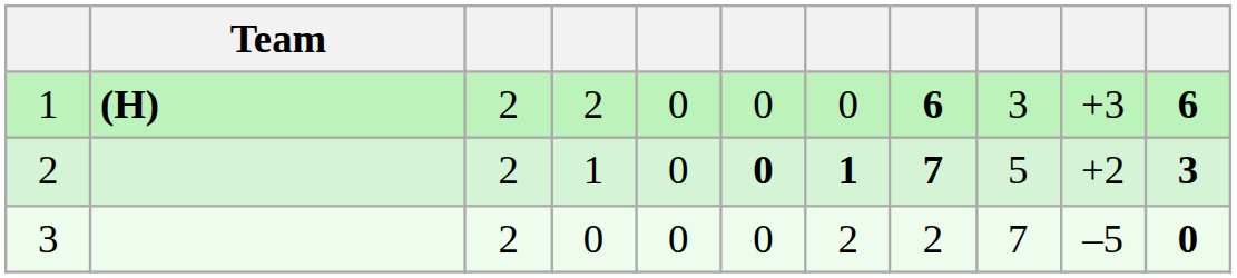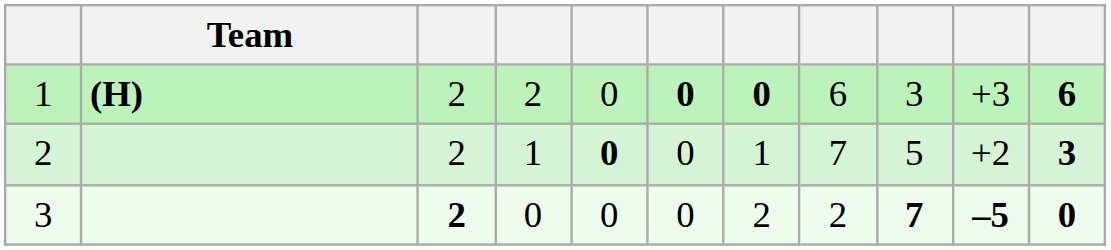 <table class="wikitable" style="text-align: center; font-size: 97%;">
 <tr>
 <th width="25"></th>
 <th width="135">Team</th>
 <th width="25"></th>
 <th width="25"></th>
 <th width="25"></th>
 <th width="25"></th>
 <th width="25"></th>
 <th width="25"></th>
 <th width="25"></th>
 <th width="25"></th>
 <th width="25"></th>
 </tr>
 <tr bgcolor=#bbf3bb>
 <td>1</td>
 <td align=left> <strong>(H)</strong></td>
 <td>2</td>
 <td>2</td>
 <td>0</td>
-<td>0</td>
-<td>0</td>
-<td><strong>6</strong></td>
+<td><strong>0</strong></td>
+<td><strong>0</strong></td>
+<td>6</td>
 <td>3</td>
 <td>+3</td>
 <td><strong>6</strong></td>
 </tr>
 <tr bgcolor=#d5f4d5>
 <td>2</td>
 <td align=left></td>
 <td>2</td>
 <td>1</td>
+<td><strong>0</strong></td>
 <td>0</td>
-<td><strong>0</strong></td>
-<td><strong>1</strong></td>
-<td><strong>7</strong></td>
+<td>1</td>
+<td>7</td>
 <td>5</td>
 <td>+2</td>
 <td><strong>3</strong></td>
 </tr>
 <tr bgcolor=#edfced>
 <td>3</td>
 <td align=left></td>
-<td>2</td>
+<td><strong>2</strong></td>
 <td>0</td>
 <td>0</td>
 <td>0</td>
 <td>2</td>
 <td>2</td>
-<td>7</td>
-<td>–5</td>
+<td><strong>7</strong></td>
+<td><strong>–5</strong></td>
 <td><strong>0</strong></td>
 </tr>
 </table>
